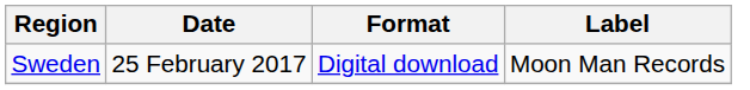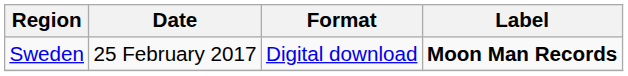 <table class=wikitable>
 <tr>
 <th>Region</th>
 <th>Date</th>
 <th>Format</th>
 <th>Label</th>
 </tr>
 <tr>
 <td><a href='#'>Sweden</a></td>
 <td>25 February 2017</td>
 <td><a href='#'>Digital download</a></td>
-<td>Moon Man Records</td>
+<td><strong>Moon Man Records</strong></td>
 </tr>
 <tr>
 </tr>
 </table>
